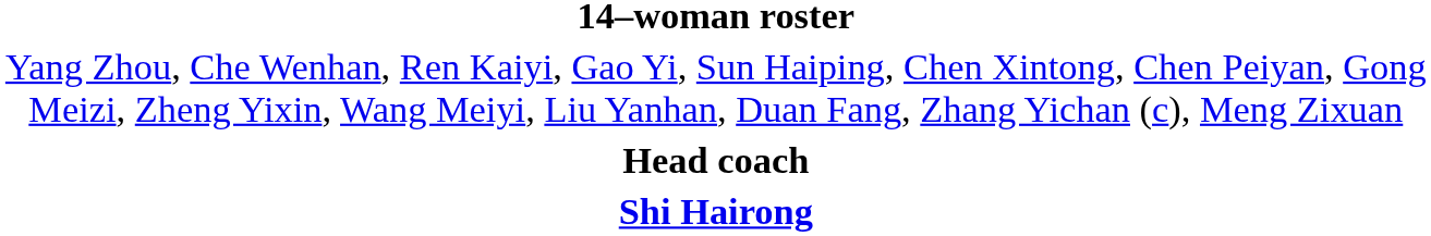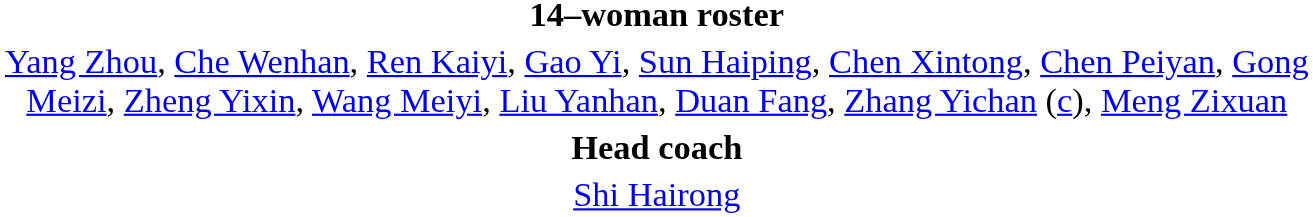 <table style="text-align:center; margin-top:2em; margin-left:auto; margin-right:auto">
 <tr>
 <td><strong>14–woman roster</strong></td>
 </tr>
 <tr>
 <td><a href='#'>Yang Zhou</a>, <a href='#'>Che Wenhan</a>, <a href='#'>Ren Kaiyi</a>, <a href='#'>Gao Yi</a>, <a href='#'>Sun Haiping</a>, <a href='#'>Chen Xintong</a>, <a href='#'>Chen Peiyan</a>, <a href='#'>Gong Meizi</a>, <a href='#'>Zheng Yixin</a>, <a href='#'>Wang Meiyi</a>, <a href='#'>Liu Yanhan</a>, <a href='#'>Duan Fang</a>, <a href='#'>Zhang Yichan</a> (<a href='#'>c</a>), <a href='#'>Meng Zixuan</a></td>
 </tr>
 <tr>
 <td><strong>Head coach</strong></td>
 </tr>
 <tr>
-<td><strong><a href='#'>Shi Hairong</a></strong></td>
+<td><a href='#'>Shi Hairong</a></td>
 </tr>
 </table>
